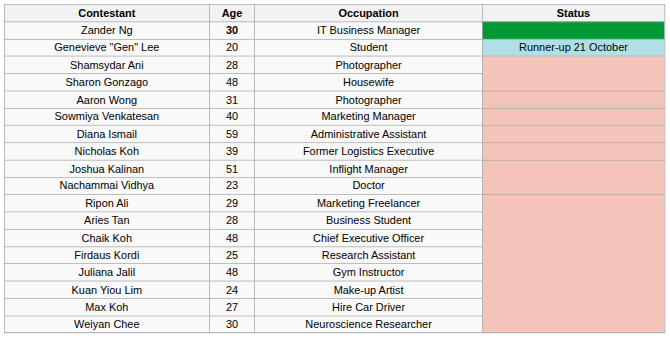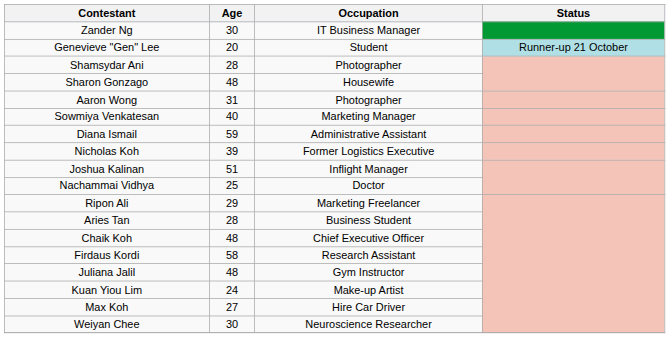 <table class="wikitable sortable" style="text-align:center; font-size:90%; ">
 <tr style="background:#C1D8FF;">
 <th style="width:18%;">Contestant </th>
 <th style="width:4%;">Age</th>
 <th style="width:20%;">Occupation</th>
 <th style="width:16%;">Status</th>
 </tr>
 <tr>
 <td>Zander Ng</td>
-<td><strong>30</strong></td>
+<td>30</td>
 <td>IT Business Manager</td>
 <td style="background:#093;"><span></span></td>
 </tr>
 <tr>
 <td>Genevieve "Gen" Lee</td>
 <td>20</td>
 <td>Student</td>
 <td style="background:#B0E0E6;">Runner-up 21 October</td>
 </tr>
 <tr>
 <td>Shamsydar Ani</td>
 <td>28</td>
 <td>Photographer</td>
 <td style="background:#f4c4b8; text'align:center;" rowspan="2"></td>
 </tr>
 <tr>
 <td>Sharon Gonzago</td>
 <td>48</td>
 <td>Housewife</td>
 </tr>
 <tr>
 <td>Aaron Wong</td>
 <td>31</td>
 <td>Photographer</td>
 <td style="background:#f4c4b8; text'align:center;"></td>
 </tr>
 <tr>
 <td>Sowmiya Venkatesan</td>
 <td>40</td>
 <td>Marketing Manager</td>
 <td style="background:#f4c4b8; text'align:center;"></td>
 </tr>
 <tr>
 <td>Diana Ismail</td>
 <td>59</td>
 <td>Administrative Assistant</td>
 <td style="background:#f4c4b8; text'align:center;"></td>
 </tr>
 <tr>
 <td>Nicholas Koh</td>
 <td>39</td>
 <td>Former Logistics Executive</td>
 <td style="background:#f4c4b8; text'align:center;"></td>
 </tr>
 <tr>
 <td>Joshua Kalinan</td>
 <td>51</td>
 <td>Inflight Manager</td>
 <td style="background:#f4c4b8; text'align:center;" rowspan="2"></td>
 </tr>
 <tr>
 <td>Nachammai Vidhya</td>
-<td>23</td>
+<td>25</td>
 <td>Doctor</td>
 </tr>
 <tr>
 <td>Ripon Ali</td>
 <td>29</td>
 <td>Marketing Freelancer</td>
 <td style="background:#f4c4b8; text'align:center;" rowspan="8"></td>
 </tr>
 <tr>
 <td>Aries Tan</td>
 <td>28</td>
 <td>Business Student</td>
 </tr>
 <tr>
 <td>Chaik Koh</td>
 <td>48</td>
 <td>Chief Executive Officer</td>
 </tr>
 <tr>
 <td>Firdaus Kordi</td>
-<td>25</td>
+<td>58</td>
 <td>Research Assistant</td>
 </tr>
 <tr>
 <td>Juliana Jalil</td>
 <td>48</td>
 <td>Gym Instructor</td>
 </tr>
 <tr>
 <td>Kuan Yiou Lim</td>
 <td>24</td>
 <td>Make-up Artist</td>
 </tr>
 <tr>
 <td>Max Koh</td>
 <td>27</td>
 <td>Hire Car Driver</td>
 </tr>
 <tr>
 <td>Weiyan Chee</td>
 <td>30</td>
 <td>Neuroscience Researcher</td>
 </tr>
 <tr>
 </tr>
 </table>
